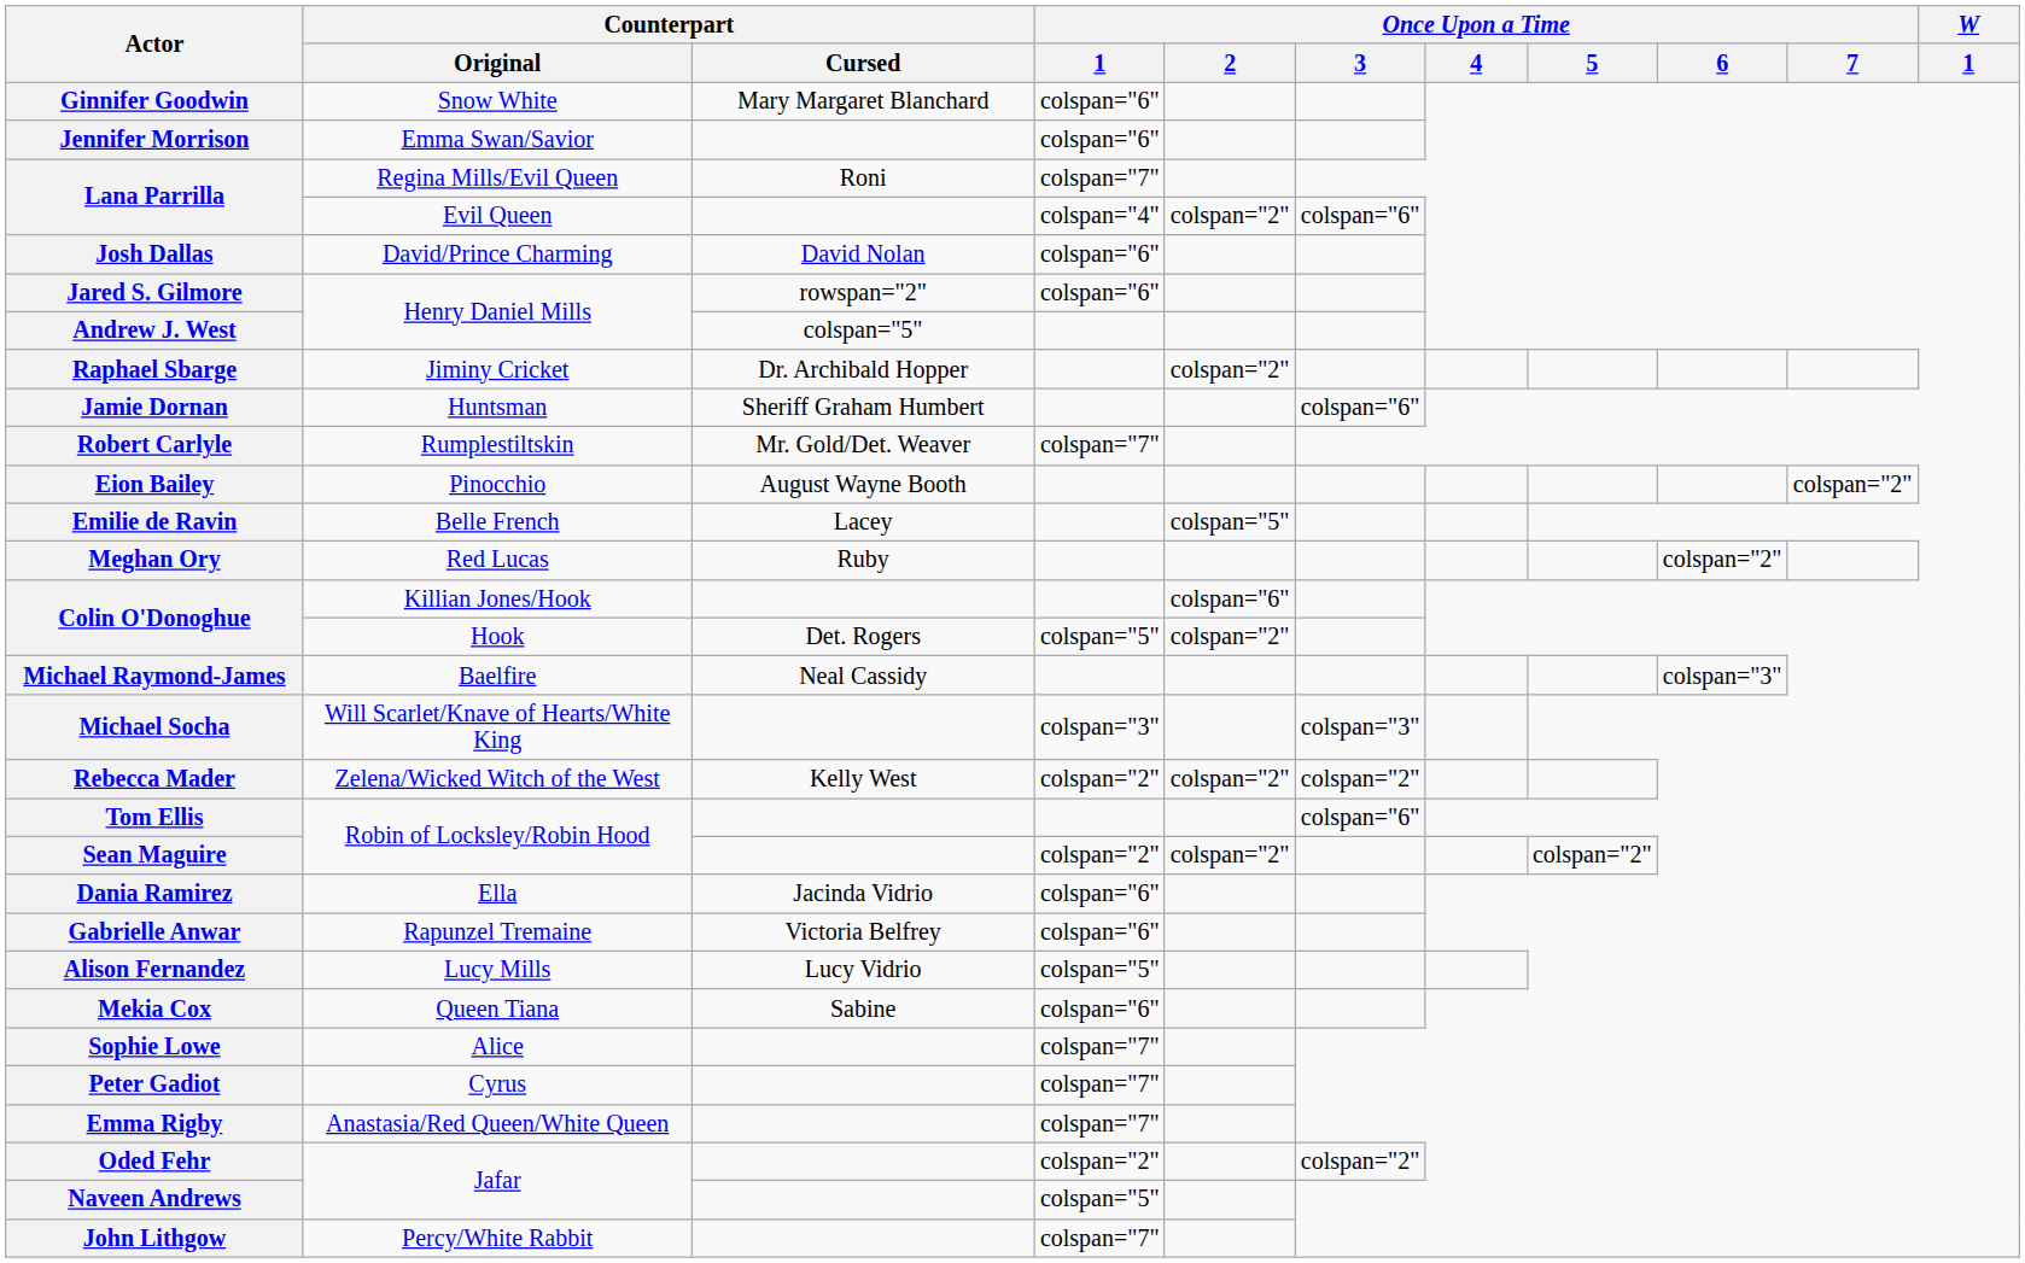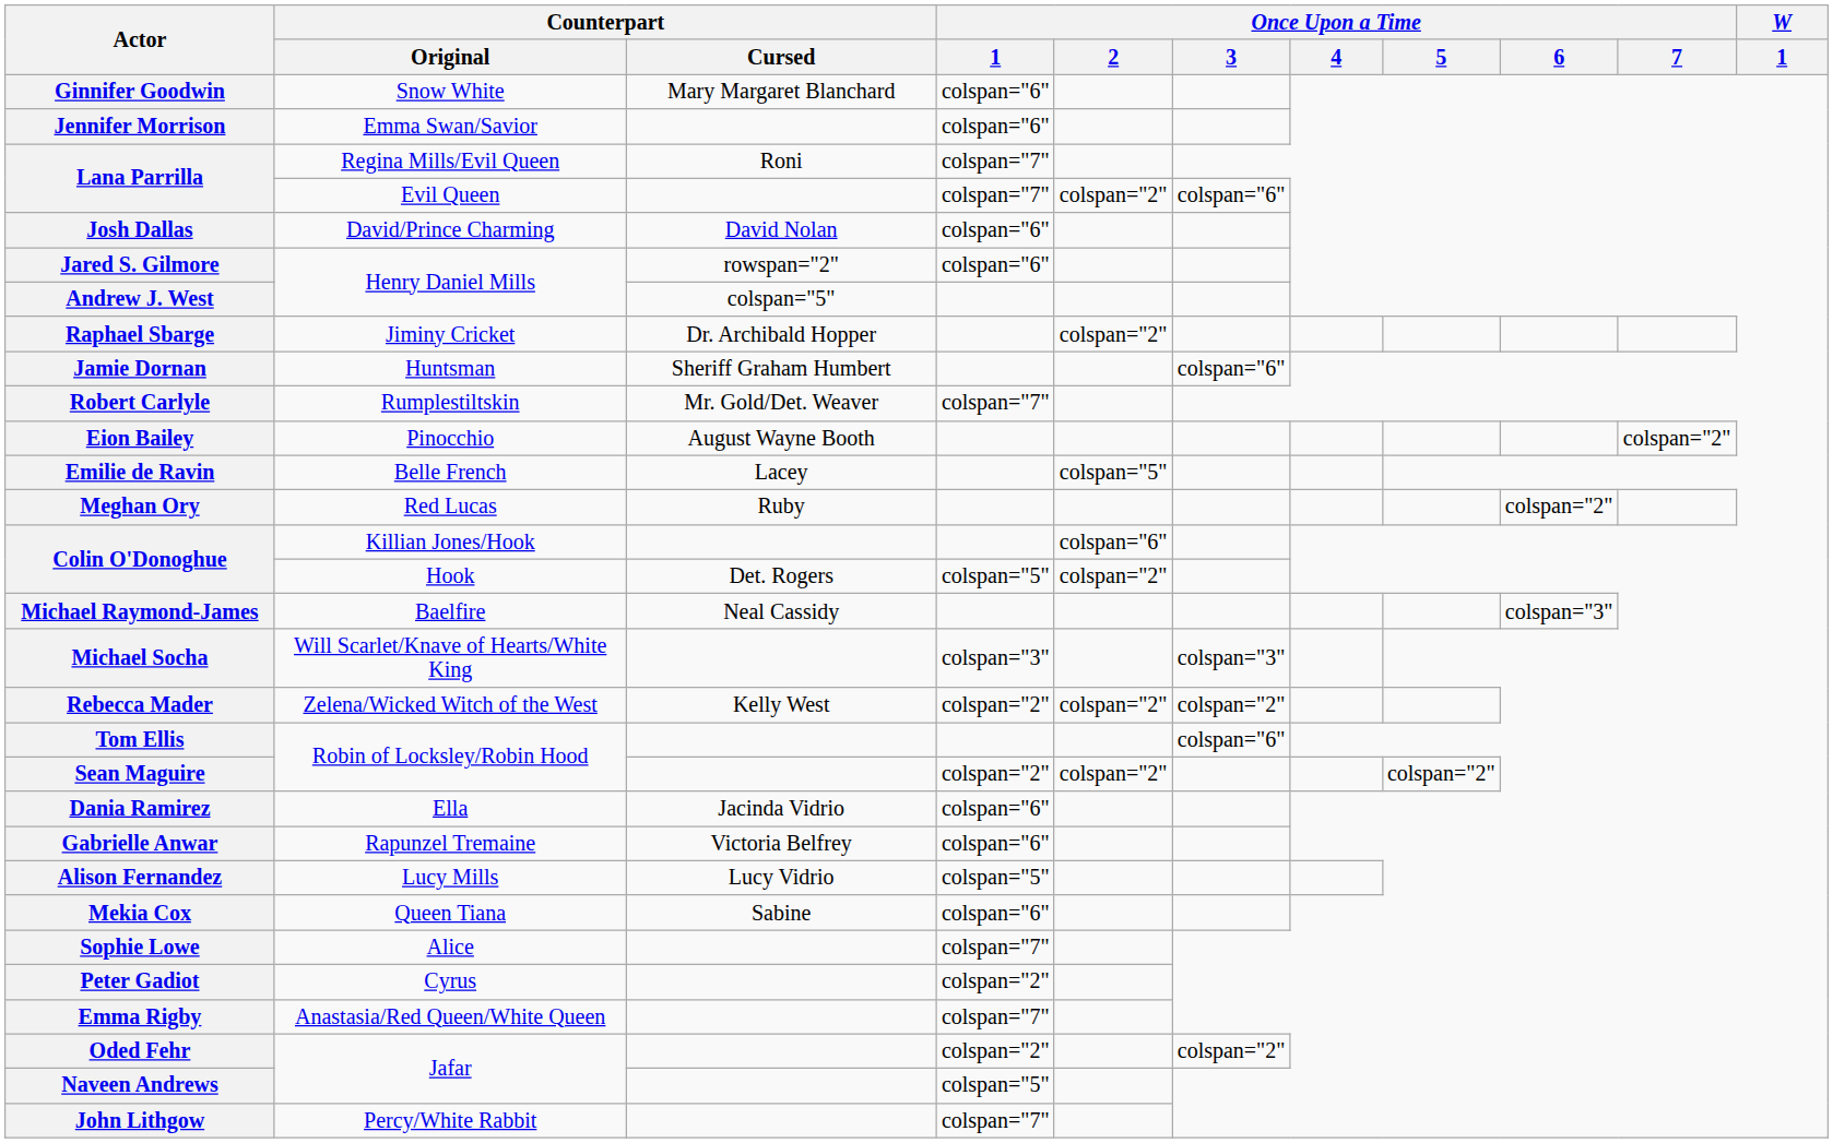 <table class="wikitable" style="text-align:center;">
 <tr>
 <th rowspan="2" style="width:190px;">Actor</th>
 <th colspan="2" style="width:470px;">Counterpart</th>
 <th colspan="7"><em><a href='#'>Once Upon a Time</a></em></th>
 <th><em><a href='#'>W</a></em></th>
 </tr>
 <tr>
 <th style="width:250px;">Original</th>
 <th style="width:220px;">Cursed</th>
 <th style="width:60px;"><a href='#'>1</a></th>
 <th style="width:60px;"><a href='#'>2</a></th>
 <th style="width:60px;"><a href='#'>3</a></th>
 <th style="width:60px;"><a href='#'>4</a></th>
 <th style="width:60px;"><a href='#'>5</a></th>
 <th style="width:60px;"><a href='#'>6</a></th>
 <th style="width:60px;"><a href='#'>7</a></th>
 <th style="width:60px;"><a href='#'>1</a></th>
 </tr>
 <tr>
 <th><a href='#'>Ginnifer Goodwin</a></th>
 <td><a href='#'>Snow White</a></td>
 <td>Mary Margaret Blanchard</td>
 <td>colspan="6" </td>
 <td></td>
 <td></td>
 </tr>
 <tr>
 <th><a href='#'>Jennifer Morrison</a></th>
 <td><a href='#'>Emma Swan/Savior</a></td>
 <td></td>
 <td>colspan="6" </td>
 <td></td>
 <td></td>
 </tr>
 <tr>
 <th rowspan="2"><a href='#'>Lana Parrilla</a></th>
 <td><a href='#'>Regina Mills/Evil Queen</a></td>
 <td>Roni</td>
 <td>colspan="7" </td>
 <td></td>
 </tr>
 <tr>
 <td><a href='#'>Evil Queen</a> </td>
 <td></td>
-<td>colspan="4" </td>
+<td>colspan="7" </td>
 <td>colspan="2" </td>
 <td>colspan="6" </td>
 </tr>
 <tr>
 <th><a href='#'>Josh Dallas</a></th>
 <td><a href='#'>David/Prince Charming</a></td>
 <td><a href='#'>David Nolan</a></td>
 <td>colspan="6" </td>
 <td></td>
 <td></td>
 </tr>
 <tr>
 <th><a href='#'>Jared S. Gilmore</a></th>
 <td rowspan="2"><a href='#'>Henry Daniel Mills</a></td>
 <td>rowspan="2" </td>
 <td>colspan="6" </td>
 <td></td>
 <td></td>
 </tr>
 <tr>
 <th><a href='#'>Andrew J. West</a></th>
 <td>colspan="5" </td>
 <td></td>
 <td></td>
 <td></td>
 </tr>
 <tr>
 <th><a href='#'>Raphael Sbarge</a></th>
 <td><a href='#'>Jiminy Cricket</a></td>
 <td>Dr. Archibald Hopper</td>
 <td></td>
 <td>colspan="2" </td>
 <td></td>
 <td></td>
 <td></td>
 <td></td>
 <td></td>
 </tr>
 <tr>
 <th><a href='#'>Jamie Dornan</a></th>
 <td><a href='#'>Huntsman</a></td>
 <td>Sheriff Graham Humbert</td>
 <td></td>
 <td></td>
 <td>colspan="6" </td>
 </tr>
 <tr>
 <th><a href='#'>Robert Carlyle</a></th>
 <td><a href='#'>Rumplestiltskin</a></td>
 <td>Mr. Gold/Det. Weaver</td>
 <td>colspan="7" </td>
 <td></td>
 </tr>
 <tr>
 <th><a href='#'>Eion Bailey</a></th>
 <td><a href='#'>Pinocchio</a></td>
 <td>August Wayne Booth</td>
 <td></td>
 <td></td>
 <td></td>
 <td></td>
 <td></td>
 <td></td>
 <td>colspan="2" </td>
 </tr>
 <tr>
 <th><a href='#'>Emilie de Ravin</a></th>
 <td><a href='#'>Belle French</a></td>
 <td>Lacey</td>
 <td></td>
 <td>colspan="5" </td>
 <td></td>
 <td></td>
 </tr>
 <tr>
 <th><a href='#'>Meghan Ory</a></th>
 <td><a href='#'>Red Lucas</a></td>
 <td>Ruby</td>
 <td></td>
 <td></td>
 <td></td>
 <td></td>
 <td></td>
 <td>colspan="2" </td>
 <td></td>
 </tr>
 <tr>
 <th rowspan="2"><a href='#'>Colin O'Donoghue</a></th>
 <td><a href='#'>Killian Jones/Hook</a></td>
 <td></td>
 <td></td>
 <td>colspan="6" </td>
 <td></td>
 </tr>
 <tr>
 <td><a href='#'>Hook</a> </td>
 <td>Det. Rogers</td>
 <td>colspan="5" </td>
 <td>colspan="2" </td>
 <td></td>
 </tr>
 <tr>
 <th><a href='#'>Michael Raymond-James</a></th>
 <td><a href='#'>Baelfire</a></td>
 <td>Neal Cassidy</td>
 <td></td>
 <td></td>
 <td></td>
 <td></td>
 <td></td>
 <td>colspan="3" </td>
 </tr>
 <tr>
 <th><a href='#'>Michael Socha</a></th>
 <td><a href='#'>Will Scarlet/Knave of Hearts/White King</a></td>
 <td></td>
 <td>colspan="3" </td>
 <td></td>
 <td>colspan="3" </td>
 <td></td>
 </tr>
 <tr>
 <th><a href='#'>Rebecca Mader</a></th>
 <td><a href='#'>Zelena/Wicked Witch of the West</a></td>
 <td>Kelly West</td>
 <td>colspan="2" </td>
 <td>colspan="2" </td>
 <td>colspan="2" </td>
 <td></td>
 <td></td>
 </tr>
 <tr>
 <th><a href='#'>Tom Ellis</a></th>
 <td rowspan="2"><a href='#'>Robin of Locksley/Robin Hood</a></td>
 <td></td>
 <td></td>
 <td></td>
 <td>colspan="6" </td>
 </tr>
 <tr>
 <th><a href='#'>Sean Maguire</a></th>
 <td></td>
 <td>colspan="2" </td>
 <td>colspan="2" </td>
 <td></td>
 <td></td>
 <td>colspan="2" </td>
 </tr>
 <tr>
 <th><a href='#'>Dania Ramirez</a></th>
 <td><a href='#'>Ella</a></td>
 <td>Jacinda Vidrio</td>
 <td>colspan="6" </td>
 <td></td>
 <td></td>
 </tr>
 <tr>
 <th><a href='#'>Gabrielle Anwar</a></th>
 <td><a href='#'>Rapunzel Tremaine</a></td>
 <td>Victoria Belfrey</td>
 <td>colspan="6" </td>
 <td></td>
 <td></td>
 </tr>
 <tr>
 <th><a href='#'>Alison Fernandez</a></th>
 <td><a href='#'>Lucy Mills</a></td>
 <td>Lucy Vidrio</td>
 <td>colspan="5" </td>
 <td></td>
 <td></td>
 <td></td>
 </tr>
 <tr>
 <th><a href='#'>Mekia Cox</a></th>
 <td><a href='#'>Queen Tiana</a></td>
 <td>Sabine</td>
 <td>colspan="6" </td>
 <td></td>
 <td></td>
 </tr>
 <tr>
 <th><a href='#'>Sophie Lowe</a></th>
 <td><a href='#'>Alice</a></td>
 <td></td>
 <td>colspan="7" </td>
 <td></td>
 </tr>
 <tr>
 <th><a href='#'>Peter Gadiot</a></th>
 <td><a href='#'>Cyrus</a></td>
 <td></td>
-<td>colspan="7" </td>
+<td>colspan="2" </td>
 <td></td>
 </tr>
 <tr>
 <th><a href='#'>Emma Rigby</a></th>
 <td><a href='#'>Anastasia/Red Queen/White Queen</a></td>
 <td></td>
 <td>colspan="7" </td>
 <td></td>
 </tr>
 <tr>
 <th><a href='#'>Oded Fehr</a></th>
 <td rowspan="2"><a href='#'>Jafar</a></td>
 <td></td>
 <td>colspan="2" </td>
 <td></td>
 <td>colspan="2" </td>
 </tr>
 <tr>
 <th><a href='#'>Naveen Andrews</a></th>
 <td></td>
 <td>colspan="5" </td>
 <td></td>
 </tr>
 <tr>
 <th><a href='#'>John Lithgow</a></th>
 <td><a href='#'>Percy/White Rabbit</a></td>
 <td></td>
 <td>colspan="7" </td>
 <td></td>
 </tr>
 </table>
